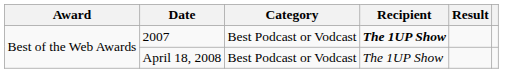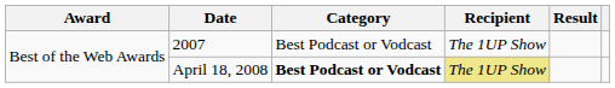 <table class="wikitable sortable">
 <tr>
 <th>Award</th>
 <th>Date</th>
 <th>Category</th>
 <th>Recipient</th>
 <th>Result</th>
 <th></th>
 </tr>
 <tr>
 <td rowspan="2">Best of the Web Awards</td>
 <td>2007</td>
 <td>Best Podcast or Vodcast</td>
-<td><strong><em>The 1UP Show</em></strong></td>
+<td><em>The 1UP Show</em></td>
 <td></td>
 <td></td>
 </tr>
 <tr>
 <td>April 18, 2008</td>
-<td>Best Podcast or Vodcast</td>
-<td><em>The 1UP Show</em></td>
+<td><strong>Best Podcast or Vodcast</strong></td>
+<td style="background: khaki;"><em>The 1UP Show</em></td>
 <td></td>
 <td></td>
 </tr>
 </table>
